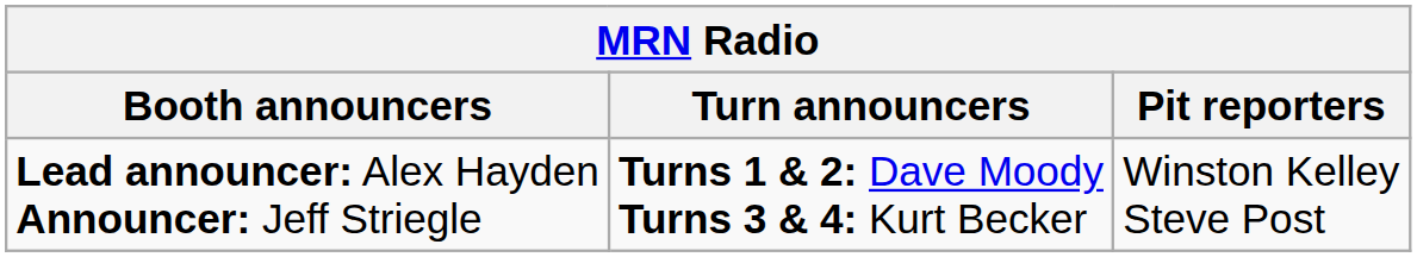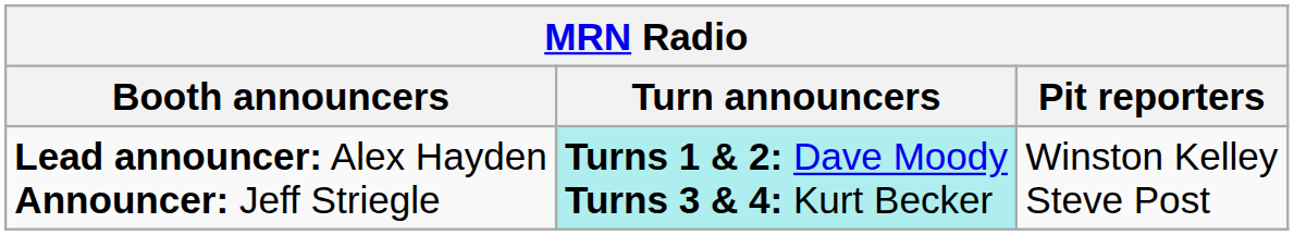 <table class="wikitable" style="font-size: 95%">
 <tr>
 <th colspan="3"><a href='#'>MRN</a> Radio</th>
 </tr>
 <tr>
 <th>Booth announcers</th>
 <th>Turn announcers</th>
 <th>Pit reporters</th>
 </tr>
 <tr>
 <td><strong>Lead announcer:</strong> Alex Hayden<br><strong>Announcer:</strong> Jeff Striegle</td>
-<td><strong>Turns 1 & 2:</strong> <a href='#'>Dave Moody</a><br><strong>Turns 3 & 4:</strong> Kurt Becker</td>
+<td style="background: paleturquoise;"><strong>Turns 1 & 2:</strong> <a href='#'>Dave Moody</a><br><strong>Turns 3 & 4:</strong> Kurt Becker</td>
 <td>Winston Kelley<br>Steve Post</td>
 </tr>
 </table>
